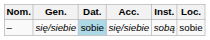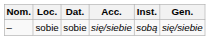 <table class="wikitable">
 <tr>
 <th>Nom.</th>
-<th>Gen.</th>
+<th>Loc.</th>
 <th>Dat.</th>
 <th>Acc.</th>
 <th>Inst.</th>
-<th>Loc.</th>
+<th>Gen.</th>
 </tr>
 <tr>
 <td>–</td>
-<td><em>się/siebie</em></td>
-<td style="background: lightblue;">sobie</td>
+<td>sobie</td>
+<td>sobie</td>
 <td><em>się/siebie</em></td>
 <td><em>sobą</em></td>
-<td>sobie</td>
+<td><em>się/siebie</em></td>
 </tr>
 </table>
